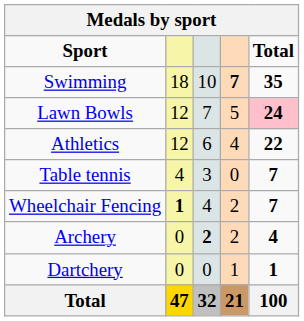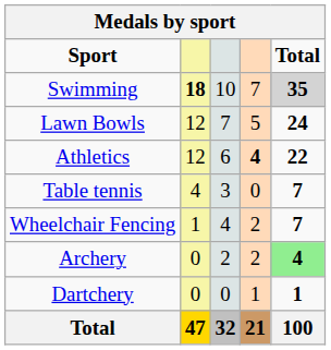 <table class="wikitable" style="font-size:95%">
 <tr style="background:#efefef;">
 <th colspan=5>Medals by sport</th>
 </tr>
 <tr style="text-align:center;">
 <td><strong>Sport</strong></td>
 <td bgcolor=#f7f6a8></td>
 <td bgcolor=#dce5e5></td>
 <td bgcolor=#ffdab9></td>
 <td><strong>Total</strong></td>
 </tr>
 <tr style="text-align:center;">
 <td><a href='#'>Swimming</a></td>
-<td style="background:#F7F6A8;">18</td>
+<td style="background:#F7F6A8;"><strong>18</strong></td>
 <td style="background:#DCE5E5;">10</td>
-<td style="background:#FFDAB9;"><strong>7</strong></td>
-<td><strong>35</strong></td>
+<td style="background:#FFDAB9;">7</td>
+<td style="background: lightgrey;"><strong>35</strong></td>
 </tr>
 <tr style="text-align:center;">
 <td><a href='#'>Lawn Bowls</a></td>
 <td style="background:#F7F6A8;">12</td>
 <td style="background:#DCE5E5;">7</td>
 <td style="background:#FFDAB9;">5</td>
-<td style="background: pink;"><strong>24</strong></td>
+<td><strong>24</strong></td>
 </tr>
 <tr style="text-align:center;">
 <td><a href='#'>Athletics</a></td>
 <td style="background:#F7F6A8;">12</td>
 <td style="background:#DCE5E5;">6</td>
-<td style="background:#FFDAB9;">4</td>
+<td style="background:#FFDAB9;"><strong>4</strong></td>
 <td><strong>22</strong></td>
 </tr>
 <tr style="text-align:center;">
 <td><a href='#'>Table tennis</a></td>
 <td style="background:#F7F6A8;">4</td>
 <td style="background:#DCE5E5;">3</td>
 <td style="background:#FFDAB9;">0</td>
 <td><strong>7</strong></td>
 </tr>
 <tr style="text-align:center;">
 <td><a href='#'>Wheelchair Fencing</a></td>
-<td style="background:#F7F6A8;"><strong>1</strong></td>
+<td style="background:#F7F6A8;">1</td>
 <td style="background:#DCE5E5;">4</td>
 <td style="background:#FFDAB9;">2</td>
 <td><strong>7</strong></td>
 </tr>
 <tr style="text-align:center;">
 <td><a href='#'>Archery</a></td>
 <td style="background:#F7F6A8;">0</td>
-<td style="background:#DCE5E5;"><strong>2</strong></td>
+<td style="background:#DCE5E5;">2</td>
 <td style="background:#FFDAB9;">2</td>
-<td><strong>4</strong></td>
+<td style="background: lightgreen;"><strong>4</strong></td>
 </tr>
 <tr style="text-align:center;">
 <td><a href='#'>Dartchery</a></td>
 <td style="background:#F7F6A8;">0</td>
 <td style="background:#DCE5E5;">0</td>
 <td style="background:#FFDAB9;">1</td>
 <td><strong>1</strong></td>
 </tr>
 <tr>
 <th>Total</th>
 <th style="background:gold;">47</th>
 <th style="background:silver;">32</th>
 <th style="background:#c96;">21</th>
 <th>100</th>
 </tr>
 </table>
